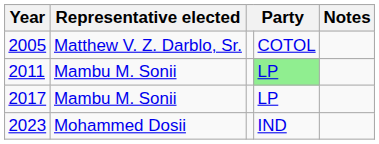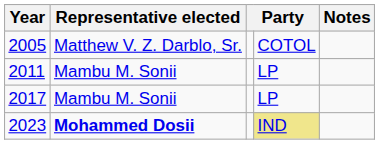 <table class="wikitable">
 <tr>
 <th>Year</th>
 <th>Representative elected</th>
 <th colspan=2>Party</th>
 <th>Notes</th>
 </tr>
 <tr>
 <td><a href='#'>2005</a></td>
 <td><a href='#'>Matthew V. Z. Darblo, Sr.</a></td>
 <td></td>
 <td><a href='#'>COTOL</a></td>
 <td></td>
 </tr>
 <tr>
 <td><a href='#'>2011</a></td>
 <td><a href='#'>Mambu M. Sonii</a></td>
 <td></td>
-<td style="background: lightgreen;"><a href='#'>LP</a></td>
+<td><a href='#'>LP</a></td>
 <td></td>
 </tr>
 <tr>
 <td><a href='#'>2017</a></td>
 <td><a href='#'>Mambu M. Sonii</a></td>
 <td></td>
 <td><a href='#'>LP</a></td>
 <td></td>
 </tr>
 <tr>
 <td><a href='#'>2023</a></td>
-<td><a href='#'>Mohammed Dosii</a></td>
+<td><strong><a href='#'>Mohammed Dosii</a></strong></td>
 <td></td>
-<td><a href='#'>IND</a></td>
+<td style="background: khaki;"><a href='#'>IND</a></td>
 <td></td>
 </tr>
 </table>
